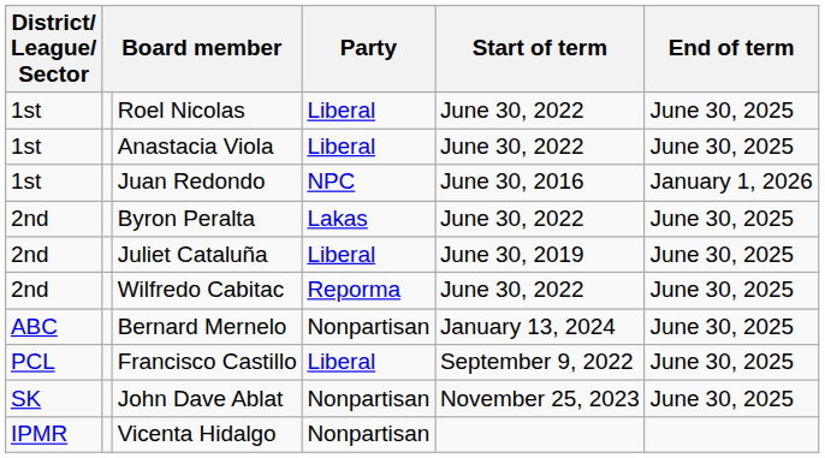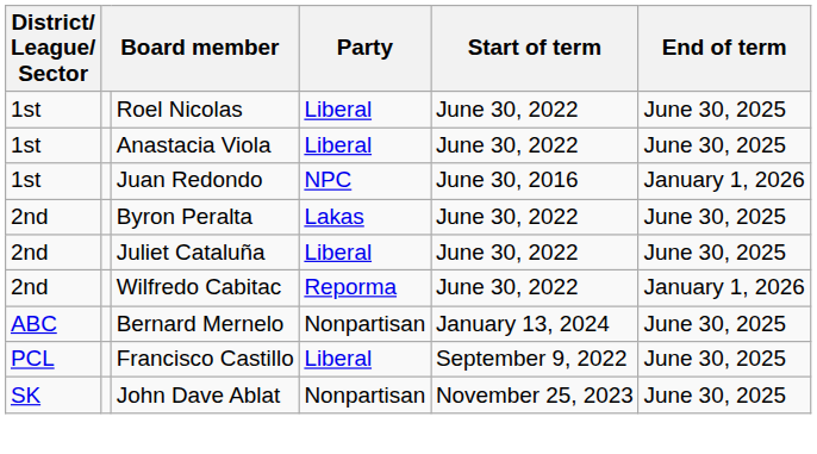 <table class="wikitable">
 <tr>
 <th>District/<br>League/<br>Sector</th>
 <th colspan="2">Board member</th>
 <th>Party</th>
 <th>Start of term</th>
 <th>End of term</th>
 </tr>
 <tr>
 <td>1st</td>
 <td></td>
 <td>Roel Nicolas</td>
 <td><a href='#'>Liberal</a></td>
 <td>June 30, 2022</td>
 <td>June 30, 2025</td>
 </tr>
 <tr>
 <td>1st</td>
 <td></td>
 <td>Anastacia Viola</td>
 <td><a href='#'>Liberal</a></td>
 <td>June 30, 2022</td>
 <td>June 30, 2025</td>
 </tr>
 <tr>
 <td>1st</td>
 <td></td>
 <td>Juan Redondo</td>
 <td><a href='#'>NPC</a></td>
 <td>June 30, 2016</td>
 <td>January 1, 2026</td>
 </tr>
 <tr>
 <td>2nd</td>
 <td></td>
 <td>Byron Peralta</td>
 <td><a href='#'>Lakas</a></td>
 <td>June 30, 2022</td>
 <td>June 30, 2025</td>
 </tr>
 <tr>
 <td>2nd</td>
 <td></td>
 <td>Juliet Cataluña</td>
 <td><a href='#'>Liberal</a></td>
-<td>June 30, 2019</td>
+<td>June 30, 2022</td>
 <td>June 30, 2025</td>
 </tr>
 <tr>
 <td>2nd</td>
 <td></td>
 <td>Wilfredo Cabitac</td>
 <td><a href='#'>Reporma</a></td>
 <td>June 30, 2022</td>
-<td>June 30, 2025</td>
+<td>January 1, 2026</td>
 </tr>
 <tr>
 <td><a href='#'>ABC</a></td>
 <td></td>
 <td>Bernard Mernelo</td>
 <td>Nonpartisan</td>
 <td>January 13, 2024</td>
 <td>June 30, 2025</td>
 </tr>
 <tr>
 <td><a href='#'>PCL</a></td>
 <td></td>
 <td>Francisco Castillo</td>
 <td><a href='#'>Liberal</a></td>
 <td>September 9, 2022</td>
 <td>June 30, 2025</td>
 </tr>
 <tr>
 <td><a href='#'>SK</a></td>
 <td></td>
 <td>John Dave Ablat</td>
 <td>Nonpartisan</td>
 <td>November 25, 2023</td>
 <td>June 30, 2025</td>
 </tr>
-<tr>
-<td><a href='#'>IPMR</a></td>
-<td></td>
-<td>Vicenta Hidalgo</td>
-<td>Nonpartisan</td>
-<td></td>
-<td></td>
-</tr>
 </table>
